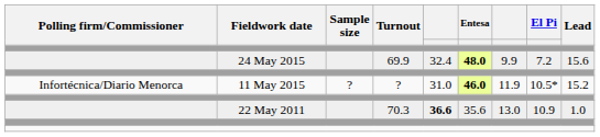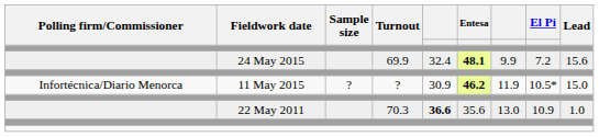 <table class="wikitable collapsible collapsed" style="text-align:center; font-size:95%; line-height:16px;">
 <tr style="height:42px;">
 <th style="width:250px;" rowspan="2">Polling firm/Commissioner</th>
 <th style="width:125px;" rowspan="2">Fieldwork date</th>
 <th style="width:50px;" rowspan="2">Sample size</th>
 <th style="width:45px;" rowspan="2">Turnout</th>
 <th style="width:35px;"></th>
 <th style="width:35px; font-size:80%;">Entesa</th>
 <th style="width:35px;"></th>
 <th style="width:35px;"><a href='#'>El Pi</a></th>
 <th style="width:30px;" rowspan="2">Lead</th>
 </tr>
 <tr>
 <th style="color:inherit;background:"></th>
 <th style="color:inherit;background:"></th>
 <th style="color:inherit;background:"></th>
 <th style="color:inherit;background:"></th>
 </tr>
 <tr>
 <td colspan="9" style="background:#A0A0A0"></td>
 </tr>
 <tr style="background:#EFEFEF;">
 <td><strong></strong></td>
 <td>24 May 2015</td>
 <td></td>
 <td>69.9</td>
 <td>32.4<br></td>
-<td style="background:#ECFF99"><strong>48.0</strong><br></td>
+<td style="background:#ECFF99"><strong>48.1</strong><br></td>
 <td>9.9<br></td>
 <td>7.2<br></td>
 <td style="background:">15.6</td>
 </tr>
 <tr>
 <td colspan="9" style="background:#A0A0A0"></td>
 </tr>
 <tr>
 <td>Infortécnica/Diario Menorca</td>
 <td>11 May 2015</td>
 <td>?</td>
 <td>?</td>
-<td>31.0<br></td>
-<td style="background:#ECFF99"><strong>46.0</strong><br></td>
+<td>30.9<br></td>
+<td style="background:#ECFF99"><strong>46.2</strong><br></td>
 <td>11.9<br></td>
 <td>10.5*<br></td>
-<td style="background:">15.2</td>
+<td style="background:">15.0</td>
 </tr>
 <tr>
 <td colspan="9" style="background:#A0A0A0"></td>
 </tr>
 <tr style="background:#EFEFEF;">
 <td><strong></strong></td>
 <td>22 May 2011</td>
 <td></td>
 <td>70.3</td>
 <td><strong>36.6</strong><br></td>
 <td>35.6<br></td>
 <td>13.0<br></td>
 <td>10.9<br></td>
 <td style="background:">1.0</td>
 </tr>
 <tr>
 <td colspan="9" style="background:#A0A0A0"></td>
 </tr>
 <tr>
 <td align="left" colspan="9"></td>
 </tr>
 </table>
